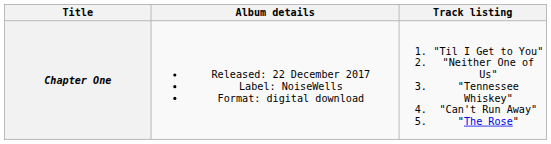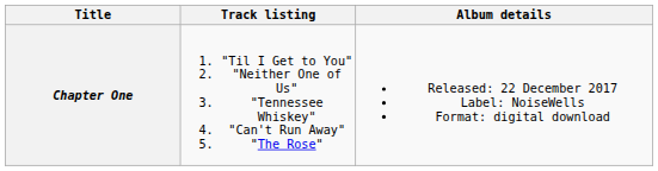 <table class="wikitable plainrowheaders" style="text-align:center;">
 <tr>
 <th scope="col" style="width:14em;">Title</th>
+<th scope="col" style="width:14em;">Track listing</th>
 <th scope="col" style="width:24em;">Album details</th>
-<th scope="col" style="width:14em;">Track listing</th>
 </tr>
 <tr>
 <th scope="row"><em>Chapter One</em></th>
+<td><br><ol><li>"Til I Get to You"</li><li>"Neither One of Us"</li><li>"Tennessee Whiskey"</li><li>"Can't Run Away"</li><li>"<a href='#'>The Rose</a>"</li></ol></td>
 <td><br><ul><li>Released: 22 December 2017</li><li>Label: NoiseWells</li><li>Format: digital download</li></ul></td>
-<td><br><ol><li>"Til I Get to You"</li><li>"Neither One of Us"</li><li>"Tennessee Whiskey"</li><li>"Can't Run Away"</li><li>"<a href='#'>The Rose</a>"</li></ol></td>
 </tr>
 </table>
